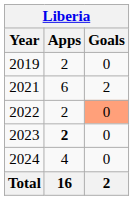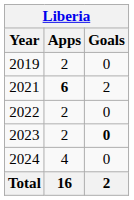 <table class="wikitable" style="text-align:center">
 <tr>
 <th colspan=6><a href='#'>Liberia</a></th>
 </tr>
 <tr>
 <th>Year</th>
 <th>Apps</th>
 <th>Goals</th>
 </tr>
 <tr>
 <td>2019</td>
 <td>2</td>
 <td>0</td>
 </tr>
 <tr>
 <td>2021</td>
-<td>6</td>
+<td><strong>6</strong></td>
 <td>2</td>
 </tr>
 <tr>
 <td>2022</td>
 <td>2</td>
-<td style="background: lightsalmon;">0</td>
+<td>0</td>
 </tr>
 <tr>
 <td>2023</td>
-<td><strong>2</strong></td>
-<td>0</td>
+<td>2</td>
+<td><strong>0</strong></td>
 </tr>
 <tr>
 <td>2024</td>
 <td>4</td>
 <td>0</td>
 </tr>
 <tr>
 <th>Total</th>
 <th>16</th>
 <th>2</th>
 </tr>
 </table>
